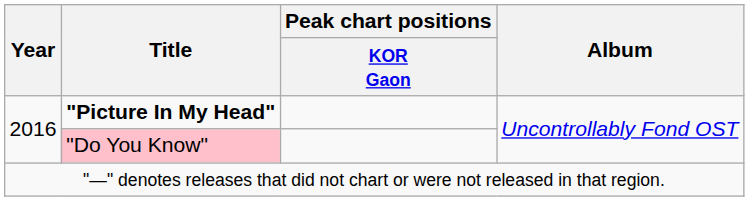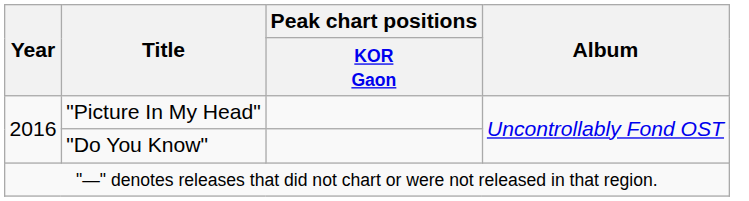 <table class="wikitable">
 <tr>
 <th rowspan="2">Year</th>
 <th rowspan="2">Title</th>
 <th>Peak chart positions</th>
 <th rowspan="2">Album</th>
 </tr>
 <tr>
 <th><small><a href='#'>KOR</a></small><br><small><a href='#'>Gaon</a></small></th>
 </tr>
 <tr>
 <td rowspan="2">2016</td>
-<td><strong>"Picture In My Head"</strong></td>
+<td>"Picture In My Head"</td>
 <td></td>
 <td rowspan="2"><em><a href='#'>Uncontrollably Fond OST</a></em></td>
 </tr>
 <tr>
-<td style="background: pink;">"Do You Know"</td>
+<td>"Do You Know"</td>
 <td></td>
 </tr>
 <tr>
 <td colspan="4" style="text-align:center;"><small>"—" denotes releases that did not chart or were not released in that region.</small></td>
 </tr>
 </table>
